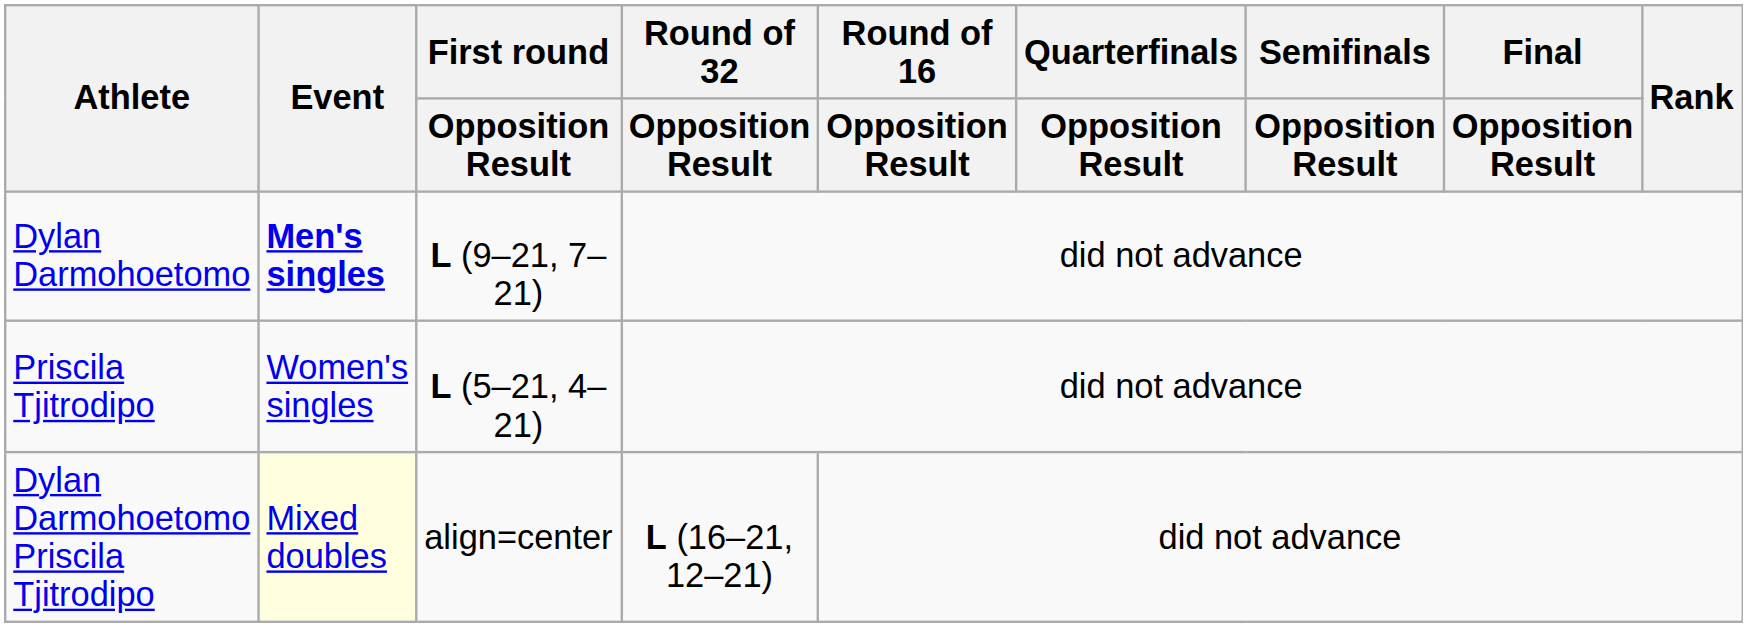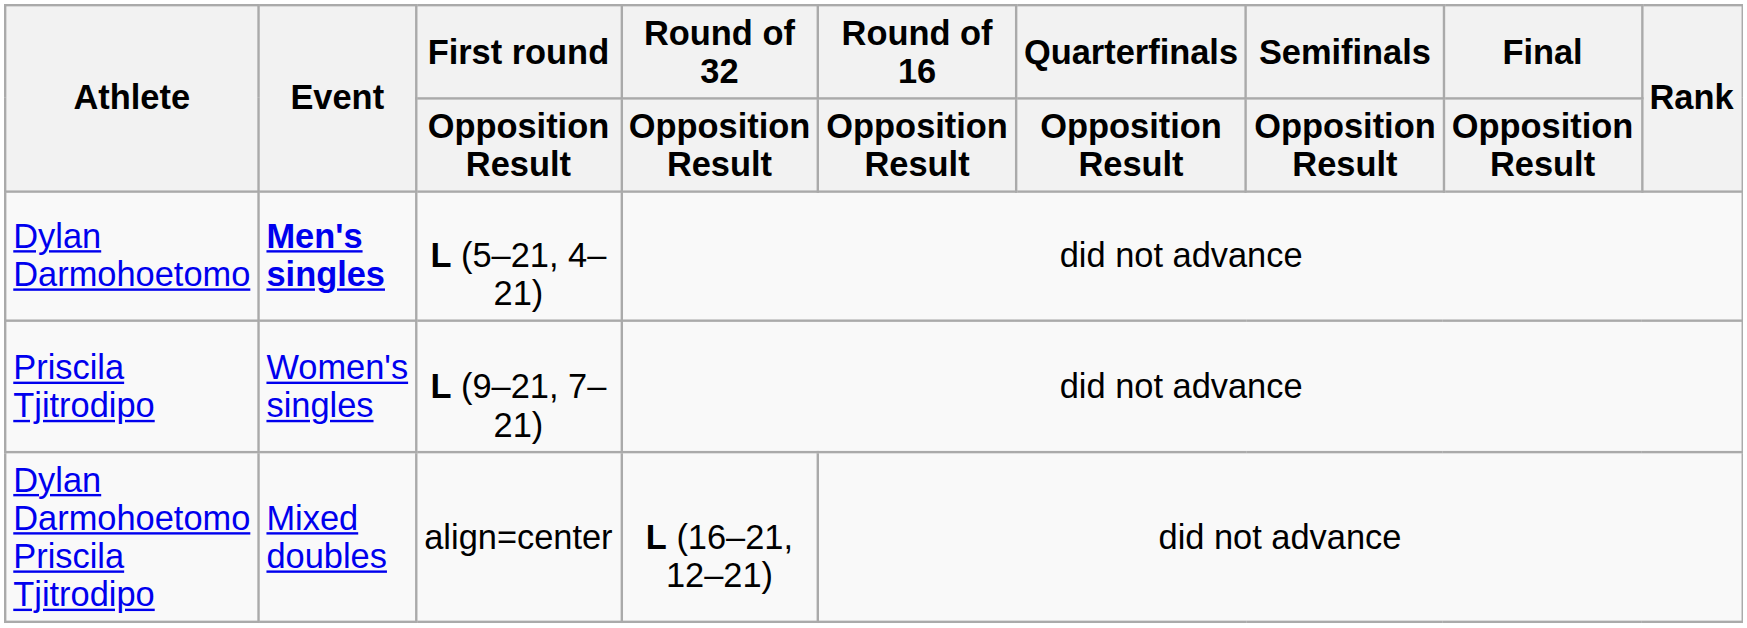 <table class="wikitable" style="font-size:90%">
 <tr>
 <th rowspan="2">Athlete</th>
 <th rowspan="2">Event</th>
 <th>First round</th>
 <th>Round of 32</th>
 <th>Round of 16</th>
 <th>Quarterfinals</th>
 <th>Semifinals</th>
 <th>Final</th>
 <th rowspan="2">Rank</th>
 </tr>
 <tr>
 <th>Opposition<br>Result</th>
 <th>Opposition<br>Result</th>
 <th>Opposition<br>Result</th>
 <th>Opposition<br>Result</th>
 <th>Opposition<br>Result</th>
 <th>Opposition<br>Result</th>
 </tr>
 <tr>
 <td><a href='#'>Dylan Darmohoetomo</a></td>
 <td><strong><a href='#'>Men's singles</a></strong></td>
-<td align=center><br><strong>L</strong> (9–21, 7–21)</td>
+<td align=center><br><strong>L</strong> (5–21, 4–21)</td>
 <td align=center colspan=6>did not advance</td>
 </tr>
 <tr>
 <td><a href='#'>Priscila Tjitrodipo</a></td>
 <td><a href='#'>Women's singles</a></td>
-<td align=center><br><strong>L</strong> (5–21, 4–21)</td>
+<td align=center><br><strong>L</strong> (9–21, 7–21)</td>
 <td align=center colspan=6>did not advance</td>
 </tr>
 <tr>
 <td><a href='#'>Dylan Darmohoetomo</a><br><a href='#'>Priscila Tjitrodipo</a></td>
-<td style="background: lightyellow;"><a href='#'>Mixed doubles</a></td>
+<td><a href='#'>Mixed doubles</a></td>
 <td>align=center </td>
 <td align=center><br><strong>L</strong> (16–21, 12–21)</td>
 <td align=center colspan=5>did not advance</td>
 </tr>
 </table>
